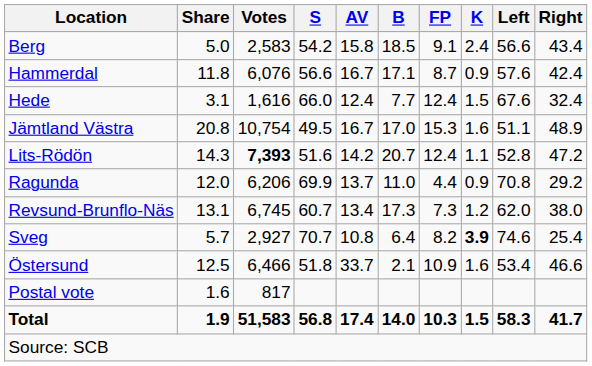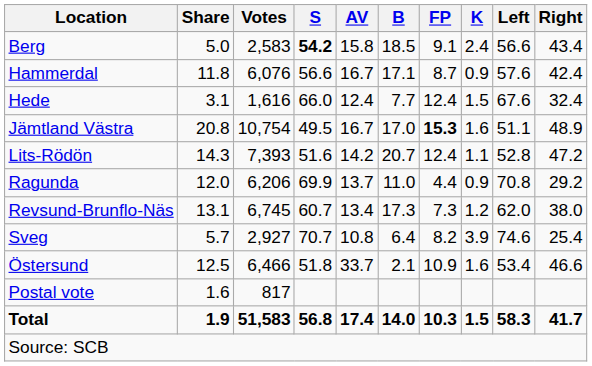 <table class="wikitable sortable" style=text-align:right>
 <tr>
 <th>Location</th>
 <th>Share</th>
 <th>Votes</th>
 <th><a href='#'>S</a></th>
 <th><a href='#'>AV</a></th>
 <th><a href='#'>B</a></th>
 <th><a href='#'>FP</a></th>
 <th><a href='#'>K</a></th>
 <th>Left</th>
 <th>Right</th>
 </tr>
 <tr>
 <td align=left><a href='#'>Berg</a></td>
 <td>5.0</td>
 <td>2,583</td>
-<td>54.2</td>
+<td><strong>54.2</strong></td>
 <td>15.8</td>
 <td>18.5</td>
 <td>9.1</td>
 <td>2.4</td>
 <td>56.6</td>
 <td>43.4</td>
 </tr>
 <tr>
 <td align=left><a href='#'>Hammerdal</a></td>
 <td>11.8</td>
 <td>6,076</td>
 <td>56.6</td>
 <td>16.7</td>
 <td>17.1</td>
 <td>8.7</td>
 <td>0.9</td>
 <td>57.6</td>
 <td>42.4</td>
 </tr>
 <tr>
 <td align=left><a href='#'>Hede</a></td>
 <td>3.1</td>
 <td>1,616</td>
 <td>66.0</td>
 <td>12.4</td>
 <td>7.7</td>
 <td>12.4</td>
 <td>1.5</td>
 <td>67.6</td>
 <td>32.4</td>
 </tr>
 <tr>
 <td align=left><a href='#'>Jämtland Västra</a></td>
 <td>20.8</td>
 <td>10,754</td>
 <td>49.5</td>
 <td>16.7</td>
 <td>17.0</td>
-<td>15.3</td>
+<td><strong>15.3</strong></td>
 <td>1.6</td>
 <td>51.1</td>
 <td>48.9</td>
 </tr>
 <tr>
 <td align=left><a href='#'>Lits-Rödön</a></td>
 <td>14.3</td>
-<td><strong>7,393</strong></td>
+<td>7,393</td>
 <td>51.6</td>
 <td>14.2</td>
 <td>20.7</td>
 <td>12.4</td>
 <td>1.1</td>
 <td>52.8</td>
 <td>47.2</td>
 </tr>
 <tr>
 <td align=left><a href='#'>Ragunda</a></td>
 <td>12.0</td>
 <td>6,206</td>
 <td>69.9</td>
 <td>13.7</td>
 <td>11.0</td>
 <td>4.4</td>
 <td>0.9</td>
 <td>70.8</td>
 <td>29.2</td>
 </tr>
 <tr>
 <td align=left><a href='#'>Revsund-Brunflo-Näs</a></td>
 <td>13.1</td>
 <td>6,745</td>
 <td>60.7</td>
 <td>13.4</td>
 <td>17.3</td>
 <td>7.3</td>
 <td>1.2</td>
 <td>62.0</td>
 <td>38.0</td>
 </tr>
 <tr>
 <td align=left><a href='#'>Sveg</a></td>
 <td>5.7</td>
 <td>2,927</td>
 <td>70.7</td>
 <td>10.8</td>
 <td>6.4</td>
 <td>8.2</td>
-<td><strong>3.9</strong></td>
+<td>3.9</td>
 <td>74.6</td>
 <td>25.4</td>
 </tr>
 <tr>
 <td align=left><a href='#'>Östersund</a></td>
 <td>12.5</td>
 <td>6,466</td>
 <td>51.8</td>
 <td>33.7</td>
 <td>2.1</td>
 <td>10.9</td>
 <td>1.6</td>
 <td>53.4</td>
 <td>46.6</td>
 </tr>
 <tr>
 <td align=left><a href='#'>Postal vote</a></td>
 <td>1.6</td>
 <td>817</td>
 <td></td>
 <td></td>
 <td></td>
 <td></td>
 <td></td>
 <td></td>
 <td></td>
 </tr>
 <tr>
 <td align=left><strong>Total</strong></td>
 <td><strong>1.9</strong></td>
 <td><strong>51,583</strong></td>
 <td><strong>56.8</strong></td>
 <td><strong>17.4</strong></td>
 <td><strong>14.0</strong></td>
 <td><strong>10.3</strong></td>
 <td><strong>1.5</strong></td>
 <td><strong>58.3</strong></td>
 <td><strong>41.7</strong></td>
 </tr>
 <tr>
 <td align=left colspan=10>Source: SCB </td>
 </tr>
 </table>
